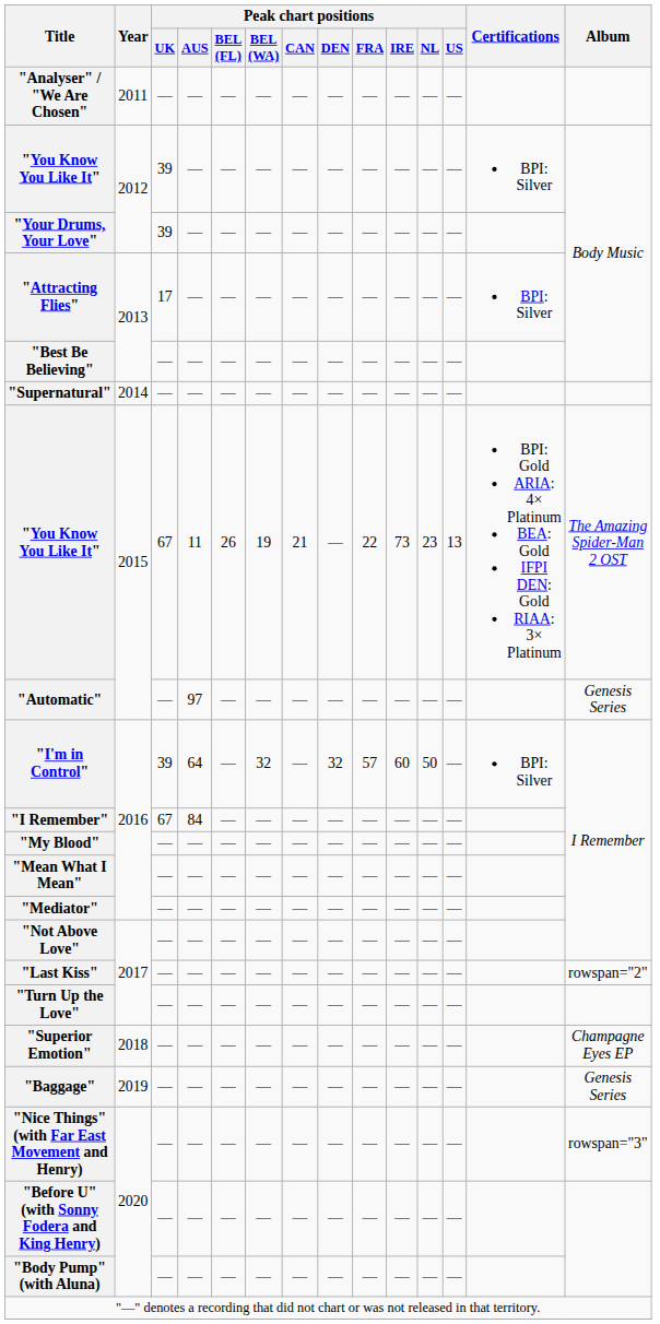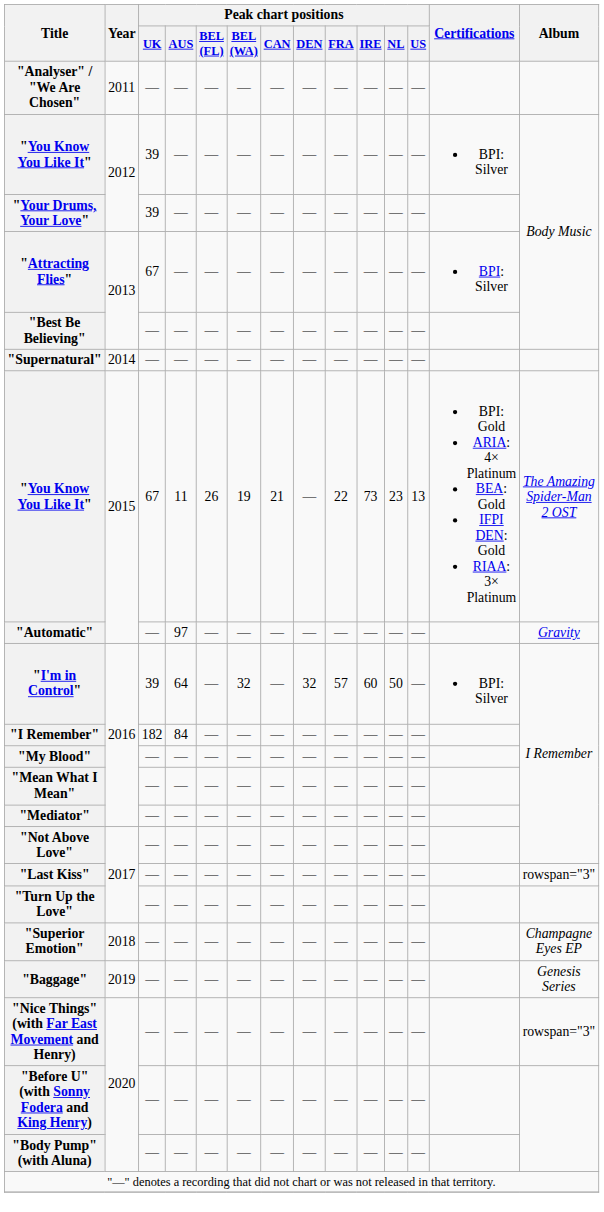 <table class="wikitable plainrowheaders" style="text-align:center;">
 <tr>
 <th scope="col" rowspan="2">Title</th>
 <th scope="col" rowspan="2">Year</th>
 <th scope="col" colspan="10">Peak chart positions</th>
 <th scope="col" rowspan="2"><a href='#'>Certifications</a></th>
 <th scope="col" rowspan="2">Album</th>
 </tr>
 <tr>
 <th scope="col" style="width:2.5em;font-size:90%;"><a href='#'>UK</a><br></th>
 <th scope="col" style="width:2.5em;font-size:90%;"><a href='#'>AUS</a><br></th>
 <th scope="col" style="width:2.5em;font-size:90%;"><a href='#'>BEL<br>(FL)</a><br></th>
 <th scope="col" style="width:2.5em;font-size:90%;"><a href='#'>BEL<br>(WA)</a><br></th>
 <th scope="col" style="width:2.5em;font-size:90%;"><a href='#'>CAN</a><br></th>
 <th scope="col" style="width:2.5em;font-size:90%;"><a href='#'>DEN</a><br></th>
 <th scope="col" style="width:2.5em;font-size:90%;"><a href='#'>FRA</a><br></th>
 <th scope="col" style="width:2.5em;font-size:90%;"><a href='#'>IRE</a><br></th>
 <th scope="col" style="width:2.5em;font-size:90%;"><a href='#'>NL</a><br></th>
 <th scope="col" style="width:2.5em;font-size:90%;"><a href='#'>US</a><br></th>
 </tr>
 <tr>
 <th scope="row">"Analyser" / "We Are Chosen"</th>
 <td>2011</td>
 <td>—</td>
 <td>—</td>
 <td>—</td>
 <td>—</td>
 <td>—</td>
 <td>—</td>
 <td>—</td>
 <td>—</td>
 <td>—</td>
 <td>—</td>
 <td></td>
 <td></td>
 </tr>
 <tr>
 <th scope="row">"<a href='#'>You Know You Like It</a>"</th>
 <td rowspan="2">2012</td>
 <td>39</td>
 <td>—</td>
 <td>—</td>
 <td>—</td>
 <td>—</td>
 <td>—</td>
 <td>—</td>
 <td>—</td>
 <td>—</td>
 <td>—</td>
 <td><br><ul><li>BPI: Silver</li></ul></td>
 <td rowspan="4"><em>Body Music</em></td>
 </tr>
 <tr>
 <th scope="row">"<a href='#'>Your Drums, Your Love</a>"</th>
 <td>39</td>
 <td>—</td>
 <td>—</td>
 <td>—</td>
 <td>—</td>
 <td>—</td>
 <td>—</td>
 <td>—</td>
 <td>—</td>
 <td>—</td>
 <td></td>
 </tr>
 <tr>
 <th scope="row">"<a href='#'>Attracting Flies</a>"</th>
 <td rowspan="2">2013</td>
-<td>17</td>
+<td>67</td>
 <td>—</td>
 <td>—</td>
 <td>—</td>
 <td>—</td>
 <td>—</td>
 <td>—</td>
 <td>—</td>
 <td>—</td>
 <td>—</td>
 <td><br><ul><li><a href='#'>BPI</a>: Silver</li></ul></td>
 </tr>
 <tr>
 <th scope="row">"Best Be Believing"</th>
 <td>—</td>
 <td>—</td>
 <td>—</td>
 <td>—</td>
 <td>—</td>
 <td>—</td>
 <td>—</td>
 <td>—</td>
 <td>—</td>
 <td>—</td>
 <td></td>
 </tr>
 <tr>
 <th scope="row">"Supernatural"</th>
 <td>2014</td>
 <td>—</td>
 <td>—</td>
 <td>—</td>
 <td>—</td>
 <td>—</td>
 <td>—</td>
 <td>—</td>
 <td>—</td>
 <td>—</td>
 <td>—</td>
 <td></td>
 <td></td>
 </tr>
 <tr>
 <th scope="row">"<a href='#'>You Know You Like It</a>"<br></th>
 <td rowspan="2">2015</td>
 <td>67</td>
 <td>11</td>
 <td>26</td>
 <td>19</td>
 <td>21</td>
 <td>—</td>
 <td>22</td>
 <td>73</td>
 <td>23</td>
 <td>13</td>
 <td><br><ul><li>BPI: Gold</li><li><a href='#'>ARIA</a>: 4× Platinum</li><li><a href='#'>BEA</a>: Gold</li><li><a href='#'>IFPI DEN</a>: Gold</li><li><a href='#'>RIAA</a>: 3× Platinum</li></ul></td>
 <td><em><a href='#'>The Amazing Spider-Man 2 OST</a></em></td>
 </tr>
 <tr>
 <th scope="row">"Automatic" <br> </th>
 <td>—</td>
 <td>97</td>
 <td>—</td>
 <td>—</td>
 <td>—</td>
 <td>—</td>
 <td>—</td>
 <td>—</td>
 <td>—</td>
 <td>—</td>
 <td></td>
-<td><em>Genesis Series</em></td>
+<td><em><a href='#'>Gravity</a></em></td>
 </tr>
 <tr>
 <th scope="row">"<a href='#'>I'm in Control</a>" <br> </th>
 <td rowspan="5">2016</td>
 <td>39</td>
 <td>64</td>
 <td>—</td>
 <td>32</td>
 <td>—</td>
 <td>32</td>
 <td>57</td>
 <td>60</td>
 <td>50</td>
 <td>—</td>
 <td><br><ul><li>BPI: Silver</li></ul></td>
 <td rowspan="6"><em>I Remember</em></td>
 </tr>
 <tr>
 <th scope="row">"I Remember" </th>
-<td>67</td>
+<td>182</td>
 <td>84</td>
 <td>—</td>
 <td>—</td>
 <td>—</td>
 <td>—</td>
 <td>—</td>
 <td>—</td>
 <td>—</td>
 <td>—</td>
 <td></td>
 </tr>
 <tr>
 <th scope="row">"My Blood" <br> </th>
 <td>—</td>
 <td>—</td>
 <td>—</td>
 <td>—</td>
 <td>—</td>
 <td>—</td>
 <td>—</td>
 <td>—</td>
 <td>—</td>
 <td>—</td>
 <td></td>
 </tr>
 <tr>
 <th scope="row">"Mean What I Mean" <br> </th>
 <td>—</td>
 <td>—</td>
 <td>—</td>
 <td>—</td>
 <td>—</td>
 <td>—</td>
 <td>—</td>
 <td>—</td>
 <td>—</td>
 <td>—</td>
 <td></td>
 </tr>
 <tr>
 <th scope="row">"Mediator"</th>
 <td>—</td>
 <td>—</td>
 <td>—</td>
 <td>—</td>
 <td>—</td>
 <td>—</td>
 <td>—</td>
 <td>—</td>
 <td>—</td>
 <td>—</td>
 <td></td>
 </tr>
 <tr>
 <th scope="row">"Not Above Love"</th>
 <td rowspan="3">2017</td>
 <td>—</td>
 <td>—</td>
 <td>—</td>
 <td>—</td>
 <td>—</td>
 <td>—</td>
 <td>—</td>
 <td>—</td>
 <td>—</td>
 <td>—</td>
 <td></td>
 </tr>
 <tr>
 <th scope="row">"Last Kiss"</th>
 <td>—</td>
 <td>—</td>
 <td>—</td>
 <td>—</td>
 <td>—</td>
 <td>—</td>
 <td>—</td>
 <td>—</td>
 <td>—</td>
 <td>—</td>
 <td></td>
-<td>rowspan="2" </td>
+<td>rowspan="3" </td>
 </tr>
 <tr>
 <th scope="row">"Turn Up the Love"</th>
 <td>—</td>
 <td>—</td>
 <td>—</td>
 <td>—</td>
 <td>—</td>
 <td>—</td>
 <td>—</td>
 <td>—</td>
 <td>—</td>
 <td>—</td>
 <td></td>
 </tr>
 <tr>
 <th scope="row">"Superior Emotion"<br></th>
 <td>2018</td>
 <td>—</td>
 <td>—</td>
 <td>—</td>
 <td>—</td>
 <td>—</td>
 <td>—</td>
 <td>—</td>
 <td>—</td>
 <td>—</td>
 <td>—</td>
 <td></td>
 <td><em>Champagne Eyes EP</em></td>
 </tr>
 <tr>
 <th scope="row">"Baggage" <br></th>
 <td>2019</td>
 <td>—</td>
 <td>—</td>
 <td>—</td>
 <td>—</td>
 <td>—</td>
 <td>—</td>
 <td>—</td>
 <td>—</td>
 <td>—</td>
 <td>—</td>
 <td></td>
 <td><em>Genesis Series</em></td>
 </tr>
 <tr>
 <th scope="row">"Nice Things"<br><span>(with <a href='#'>Far East Movement</a> and Henry)</span></th>
 <td rowspan="3">2020</td>
 <td>—</td>
 <td>—</td>
 <td>—</td>
 <td>—</td>
 <td>—</td>
 <td>—</td>
 <td>—</td>
 <td>—</td>
 <td>—</td>
 <td>—</td>
 <td></td>
 <td>rowspan="3" </td>
 </tr>
 <tr>
 <th scope="row">"Before U"<br><span>(with <a href='#'>Sonny Fodera</a> and <a href='#'>King Henry</a>)</span></th>
 <td>—</td>
 <td>—</td>
 <td>—</td>
 <td>—</td>
 <td>—</td>
 <td>—</td>
 <td>—</td>
 <td>—</td>
 <td>—</td>
 <td>—</td>
 <td></td>
 </tr>
 <tr>
 <th scope="row">"Body Pump"<br><span>(with Aluna)</span></th>
 <td>—</td>
 <td>—</td>
 <td>—</td>
 <td>—</td>
 <td>—</td>
 <td>—</td>
 <td>—</td>
 <td>—</td>
 <td>—</td>
 <td>—</td>
 <td></td>
 </tr>
 <tr>
 <td colspan="14" style="font-size:90%">"—" denotes a recording that did not chart or was not released in that territory.</td>
 </tr>
 <tr>
 </tr>
 </table>
